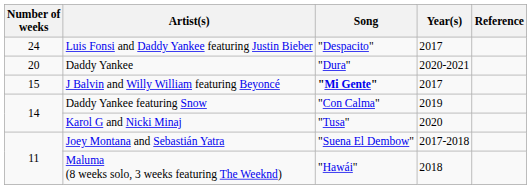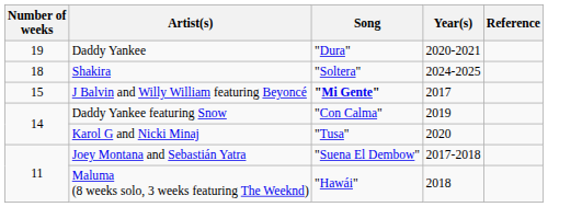 <table class="wikitable" style="font-size:95%;">
 <tr>
 <th>Number of <br> weeks</th>
 <th>Artist(s)</th>
 <th>Song</th>
 <th>Year(s)</th>
 <th>Reference</th>
 </tr>
 <tr>
-<td style="text-align:center;">24</td>
-<td><a href='#'>Luis Fonsi</a> and <a href='#'>Daddy Yankee</a> featuring <a href='#'>Justin Bieber</a></td>
-<td>"<a href='#'>Despacito</a>"</td>
-<td>2017</td>
+<td style="text-align:center;">19</td>
+<td>Daddy Yankee</td>
+<td>"<a href='#'>Dura</a>"</td>
+<td>2020-2021</td>
 <td align="center"></td>
 </tr>
 <tr>
-<td style="text-align:center;">20</td>
-<td>Daddy Yankee</td>
-<td>"<a href='#'>Dura</a>"</td>
-<td>2020-2021</td>
+<td style="text-align:center;">18</td>
+<td><a href='#'>Shakira</a></td>
+<td>"<a href='#'>Soltera</a>"</td>
+<td>2024-2025</td>
 <td align="center"></td>
 </tr>
 <tr>
 <td style="text-align:center;">15</td>
 <td><a href='#'>J Balvin</a> and <a href='#'>Willy William</a> featuring <a href='#'>Beyoncé</a></td>
 <td><strong>"<a href='#'>Mi Gente</a>"</strong></td>
 <td>2017</td>
 <td align="center"></td>
 </tr>
 <tr>
 <td rowspan="2" style="text-align:center;">14</td>
 <td>Daddy Yankee featuring <a href='#'>Snow</a></td>
 <td>"<a href='#'>Con Calma</a>"</td>
 <td>2019</td>
 <td align="center"></td>
 </tr>
 <tr>
 <td><a href='#'>Karol G</a> and <a href='#'>Nicki Minaj</a></td>
 <td>"<a href='#'>Tusa</a>"</td>
 <td>2020</td>
 <td align="center"></td>
 </tr>
 <tr>
 <td rowspan="2" style="text-align:center;">11</td>
 <td><a href='#'>Joey Montana</a> and <a href='#'>Sebastián Yatra</a></td>
 <td>"<a href='#'>Suena El Dembow</a>"</td>
 <td>2017-2018</td>
 <td align="center"></td>
 </tr>
 <tr>
 <td><a href='#'>Maluma</a><br>(8 weeks solo, 3 weeks featuring <a href='#'>The Weeknd</a>)</td>
 <td>"<a href='#'>Hawái</a>"</td>
 <td>2018</td>
 <td align="center"></td>
 </tr>
 </table>
